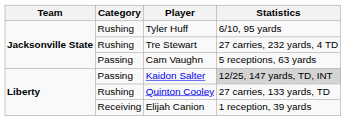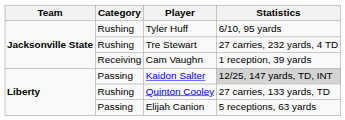 <table class="wikitable" style="float: right;">
 <tr>
 <th>Team</th>
 <th>Category</th>
 <th>Player</th>
 <th>Statistics</th>
 </tr>
 <tr>
 <td rowspan=3><strong>Jacksonville State</strong></td>
 <td>Rushing</td>
 <td>Tyler Huff</td>
 <td>6/10, 95 yards</td>
 </tr>
 <tr>
 <td>Rushing</td>
 <td>Tre Stewart</td>
 <td>27 carries, 232 yards, 4 TD</td>
 </tr>
 <tr>
-<td>Passing</td>
+<td>Receiving</td>
 <td>Cam Vaughn</td>
-<td>5 receptions, 63 yards</td>
+<td>1 reception, 39 yards</td>
 </tr>
 <tr>
 <td rowspan=3><strong>Liberty</strong></td>
 <td>Passing</td>
 <td><a href='#'>Kaidon Salter</a></td>
 <td style="background: lightgrey;">12/25, 147 yards, TD, INT</td>
 </tr>
 <tr>
 <td>Rushing</td>
 <td><a href='#'>Quinton Cooley</a></td>
 <td>27 carries, 133 yards, TD</td>
 </tr>
 <tr>
-<td>Receiving</td>
+<td>Passing</td>
 <td>Elijah Canion</td>
-<td>1 reception, 39 yards</td>
+<td>5 receptions, 63 yards</td>
 </tr>
 </table>
